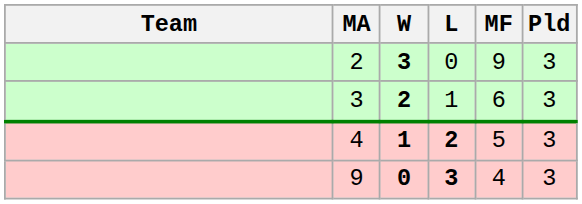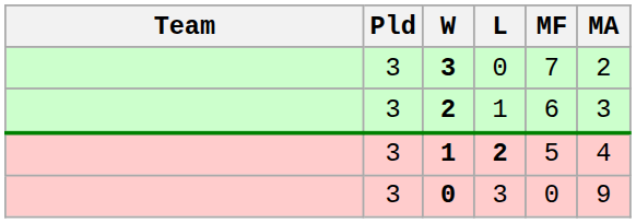 <table class=wikitable style="text-align:center">
 <tr>
 <th width=175>Team</th>
-<th width=20>MA</th>
+<th width=20>Pld</th>
 <th width=20>W</th>
 <th width=20>L</th>
 <th width=20>MF</th>
-<th width=20>Pld</th>
+<th width=20>MA</th>
 </tr>
 <tr bgcolor=ccffcc>
 <td style="text-align:left"></td>
-<td>2</td>
+<td>3</td>
 <td><strong>3</strong></td>
 <td>0</td>
-<td>9</td>
-<td>3</td>
+<td>7</td>
+<td>2</td>
 </tr>
 <tr bgcolor=ccffcc style="border-bottom:2px solid green;">
 <td style="text-align:left"></td>
 <td>3</td>
 <td><strong>2</strong></td>
 <td>1</td>
 <td>6</td>
 <td>3</td>
 </tr>
 <tr bgcolor=ffcccc>
 <td style="text-align:left"></td>
-<td>4</td>
+<td>3</td>
 <td><strong>1</strong></td>
 <td><strong>2</strong></td>
 <td>5</td>
-<td>3</td>
+<td>4</td>
 </tr>
 <tr bgcolor=ffcccc>
 <td style="text-align:left"></td>
+<td>3</td>
+<td><strong>0</strong></td>
+<td>3</td>
+<td>0</td>
 <td>9</td>
-<td><strong>0</strong></td>
-<td><strong>3</strong></td>
-<td>4</td>
-<td>3</td>
 </tr>
 </table>
